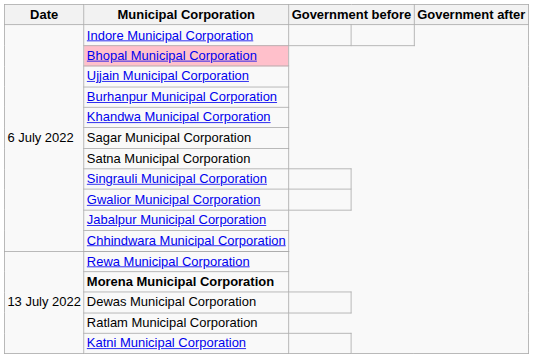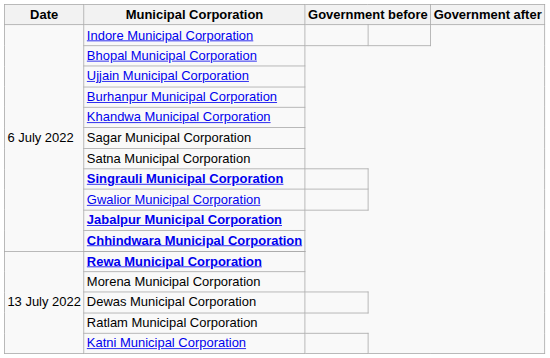 <table class="wikitable sortable">
 <tr>
 <th>Date</th>
 <th>Municipal Corporation</th>
 <th colspan=2>Government before</th>
 <th colspan=2>Government after</th>
 </tr>
 <tr>
 <td rowspan="11">6 July 2022</td>
 <td><a href='#'>Indore Municipal Corporation</a></td>
 <td></td>
 <td></td>
 </tr>
 <tr>
-<td style="background: pink;"><a href='#'>Bhopal Municipal Corporation</a></td>
+<td><a href='#'>Bhopal Municipal Corporation</a></td>
 </tr>
 <tr>
 <td><a href='#'>Ujjain Municipal Corporation</a></td>
 </tr>
 <tr>
 <td><a href='#'>Burhanpur Municipal Corporation</a></td>
 </tr>
 <tr>
 <td><a href='#'>Khandwa Municipal Corporation</a></td>
 </tr>
 <tr>
 <td>Sagar Municipal Corporation</td>
 </tr>
 <tr>
 <td>Satna Municipal Corporation</td>
 </tr>
 <tr>
-<td><a href='#'>Singrauli Municipal Corporation</a></td>
+<td><strong><a href='#'>Singrauli Municipal Corporation</a></strong></td>
 <td></td>
 </tr>
 <tr>
 <td><a href='#'>Gwalior Municipal Corporation</a></td>
 <td></td>
 </tr>
 <tr>
-<td><a href='#'>Jabalpur Municipal Corporation</a></td>
+<td><strong><a href='#'>Jabalpur Municipal Corporation</a></strong></td>
 </tr>
 <tr>
-<td><a href='#'>Chhindwara Municipal Corporation</a></td>
+<td><strong><a href='#'>Chhindwara Municipal Corporation</a></strong></td>
 </tr>
 <tr>
 <td rowspan="6">13 July 2022</td>
 </tr>
 <tr>
-<td><a href='#'>Rewa Municipal Corporation</a></td>
+<td><strong><a href='#'>Rewa Municipal Corporation</a></strong></td>
 </tr>
 <tr>
-<td><strong>Morena Municipal Corporation</strong></td>
+<td>Morena Municipal Corporation</td>
 </tr>
 <tr>
 <td>Dewas Municipal Corporation</td>
 <td></td>
 </tr>
 <tr>
 <td>Ratlam Municipal Corporation</td>
 </tr>
 <tr>
 <td><a href='#'>Katni Municipal Corporation</a></td>
 <td></td>
 </tr>
 </table>
